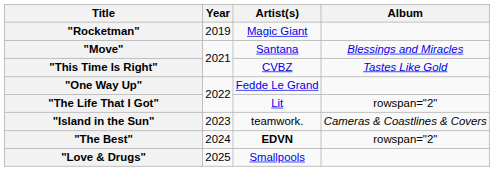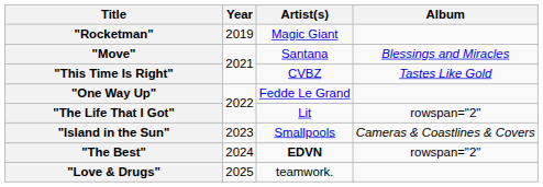 <table class="wikitable plainrowheaders" style="text-align:center;">
 <tr>
 <th scope="col" style="width:17em;">Title</th>
 <th scope="col">Year</th>
 <th scope="col">Artist(s)</th>
 <th scope="col">Album</th>
 </tr>
 <tr>
 <th scope="row">"Rocketman"<br></th>
 <td>2019</td>
 <td><a href='#'>Magic Giant</a></td>
 <td></td>
 </tr>
 <tr>
 <th scope="row">"Move"<br></th>
 <td rowspan="2">2021</td>
 <td><a href='#'>Santana</a></td>
 <td><em><a href='#'>Blessings and Miracles</a></em></td>
 </tr>
 <tr>
 <th scope="row">"This Time Is Right"<br></th>
 <td><a href='#'>CVBZ</a></td>
 <td><em><a href='#'>Tastes Like Gold</a></em></td>
 </tr>
 <tr>
 <th scope="row">"One Way Up"<br></th>
 <td rowspan="2">2022</td>
 <td><a href='#'>Fedde Le Grand</a></td>
 </tr>
 <tr>
 <th scope="row">"The Life That I Got"<br></th>
 <td><a href='#'>Lit</a></td>
 <td>rowspan="2" </td>
 </tr>
 <tr>
 <th scope="row">"Island in the Sun"<br></th>
 <td>2023</td>
-<td>teamwork.</td>
+<td><a href='#'>Smallpools</a></td>
 <td><em>Cameras & Coastlines & Covers</em></td>
 </tr>
 <tr>
 <th scope="row">"The Best"<br></th>
 <td>2024</td>
 <td><strong>EDVN</strong></td>
 <td>rowspan="2" </td>
 </tr>
 <tr>
 <th scope="row">"Love & Drugs"<br></th>
 <td>2025</td>
-<td><a href='#'>Smallpools</a></td>
+<td>teamwork.</td>
 </tr>
 </table>
